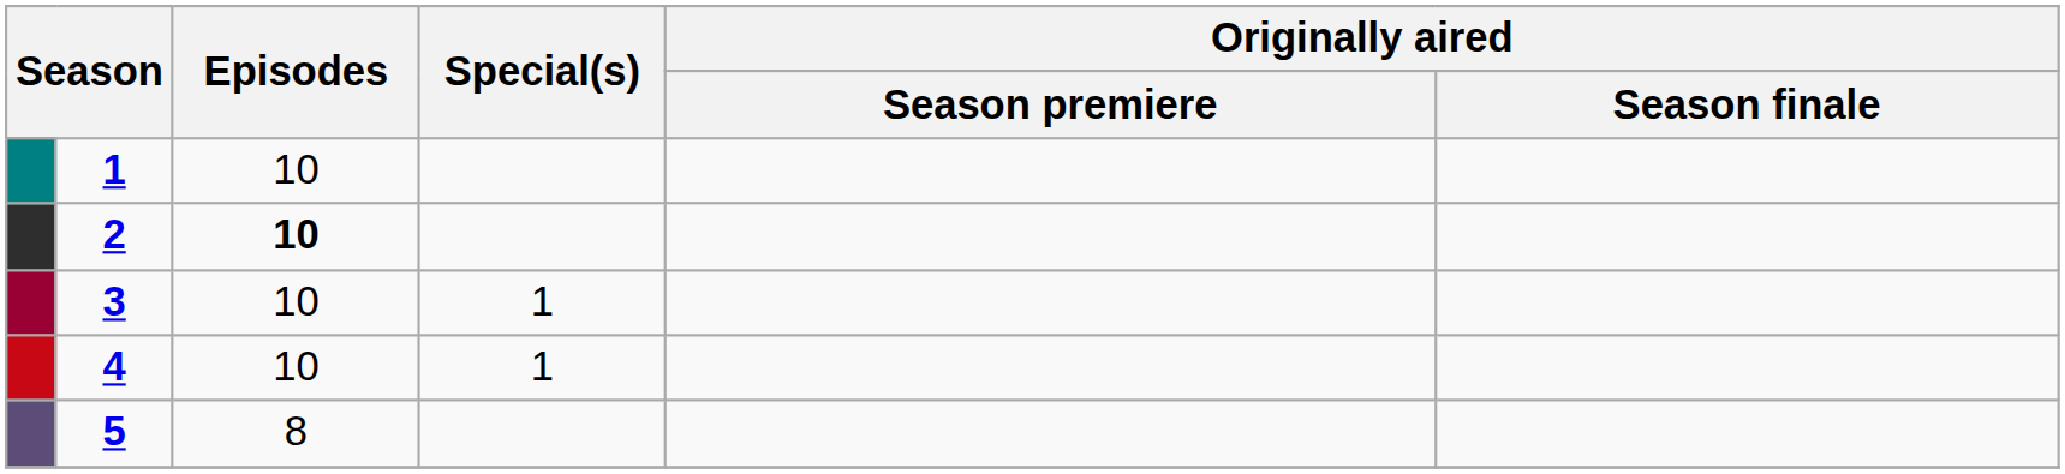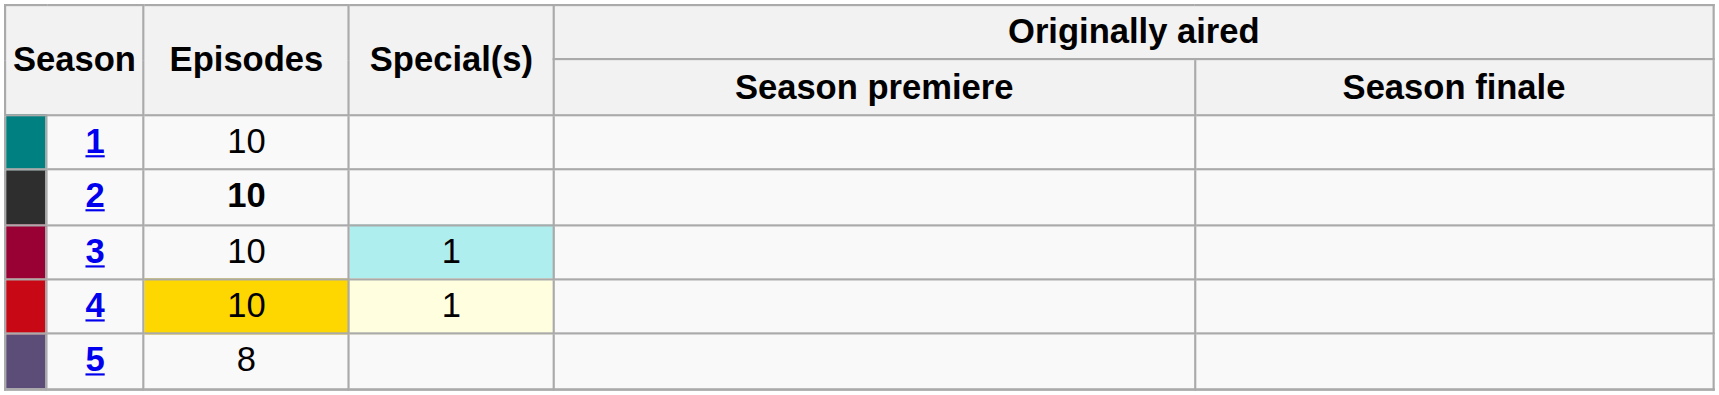 <table class="wikitable"  style="width: 50%; text-align:center;">
 <tr>
 <th colspan="2" rowspan="2" style="width:5%;">Season</th>
 <th rowspan="2" style="width:12%;">Episodes</th>
 <th rowspan="2" style="width:12%;">Special(s)</th>
 <th colspan="2">Originally aired</th>
 </tr>
 <tr>
 <th>Season premiere</th>
 <th>Season finale</th>
 </tr>
 <tr>
 <td style="background:teal; color:#fff; width:1%;"> </td>
 <td><strong><a href='#'>1</a></strong></td>
 <td>10</td>
 <td></td>
 <td></td>
 <td></td>
 </tr>
 <tr>
 <td style="background:#2e2e2e; color:#fff; width:1%;"> </td>
 <td><strong><a href='#'>2</a></strong></td>
 <td><strong>10</strong></td>
 <td></td>
 <td></td>
 <td></td>
 </tr>
 <tr>
 <td style="background:#903; color:#fff; width:1%;"> </td>
 <td><strong><a href='#'>3</a></strong></td>
 <td>10</td>
-<td>1</td>
+<td style="background: paleturquoise;">1</td>
 <td></td>
 <td></td>
 </tr>
 <tr>
 <td style="background:#c80815; color:#fff; width:1%;"> </td>
 <td><strong><a href='#'>4</a></strong></td>
-<td>10</td>
-<td>1</td>
+<td style="background: gold;">10</td>
+<td style="background: lightyellow;">1</td>
 <td></td>
 <td></td>
 </tr>
 <tr>
 <td style="background:#5C4C78; color:#fff; width:1%;"> </td>
 <td><strong><a href='#'>5</a></strong></td>
 <td>8</td>
 <td></td>
 <td></td>
 <td></td>
 </tr>
 <tr>
 </tr>
 </table>
